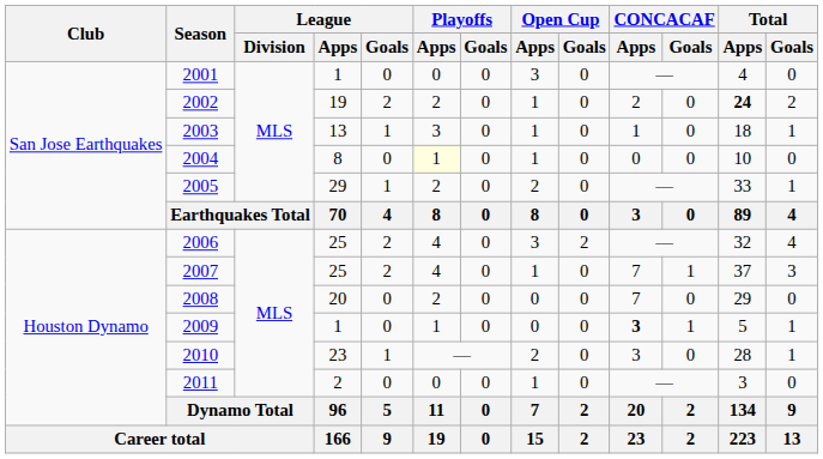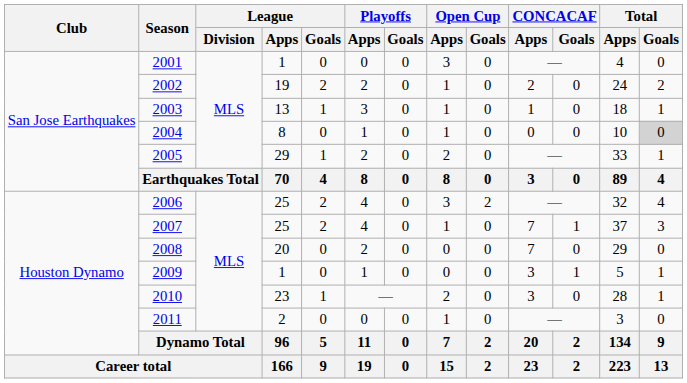 <table class="wikitable" style="text-align: center;">
 <tr>
 <th rowspan="2">Club</th>
 <th rowspan="2">Season</th>
 <th colspan="3">League</th>
 <th colspan="2"><a href='#'>Playoffs</a></th>
 <th colspan="2"><a href='#'>Open Cup</a></th>
 <th colspan="2"><a href='#'>CONCACAF</a></th>
 <th colspan="2">Total</th>
 </tr>
 <tr>
 <th>Division</th>
 <th>Apps</th>
 <th>Goals</th>
 <th>Apps</th>
 <th>Goals</th>
 <th>Apps</th>
 <th>Goals</th>
 <th>Apps</th>
 <th>Goals</th>
 <th>Apps</th>
 <th>Goals</th>
 </tr>
 <tr>
 <td rowspan="6"><a href='#'>San Jose Earthquakes</a></td>
 <td><a href='#'>2001</a></td>
 <td rowspan="5"><a href='#'>MLS</a></td>
 <td>1</td>
 <td>0</td>
 <td>0</td>
 <td>0</td>
 <td>3</td>
 <td>0</td>
 <td colspan="2">—</td>
 <td>4</td>
 <td>0</td>
 </tr>
 <tr>
 <td><a href='#'>2002</a></td>
 <td>19</td>
 <td>2</td>
 <td>2</td>
 <td>0</td>
 <td>1</td>
 <td>0</td>
 <td>2</td>
 <td>0</td>
-<td><strong>24</strong></td>
+<td>24</td>
 <td>2</td>
 </tr>
 <tr>
 <td><a href='#'>2003</a></td>
 <td>13</td>
 <td>1</td>
 <td>3</td>
 <td>0</td>
 <td>1</td>
 <td>0</td>
 <td>1</td>
 <td>0</td>
 <td>18</td>
 <td>1</td>
 </tr>
 <tr>
 <td><a href='#'>2004</a></td>
 <td>8</td>
 <td>0</td>
-<td style="background: lightyellow;">1</td>
+<td>1</td>
 <td>0</td>
 <td>1</td>
 <td>0</td>
 <td>0</td>
 <td>0</td>
 <td>10</td>
-<td>0</td>
+<td style="background: lightgrey;">0</td>
 </tr>
 <tr>
 <td><a href='#'>2005</a></td>
 <td>29</td>
 <td>1</td>
 <td>2</td>
 <td>0</td>
 <td>2</td>
 <td>0</td>
 <td colspan="2">—</td>
 <td>33</td>
 <td>1</td>
 </tr>
 <tr>
 <th colspan="2">Earthquakes Total</th>
 <th>70</th>
 <th>4</th>
 <th>8</th>
 <th>0</th>
 <th>8</th>
 <th>0</th>
 <th>3</th>
 <th>0</th>
 <th>89</th>
 <th>4</th>
 </tr>
 <tr>
 <td rowspan="7"><a href='#'>Houston Dynamo</a></td>
 <td><a href='#'>2006</a></td>
 <td rowspan="6"><a href='#'>MLS</a></td>
 <td>25</td>
 <td>2</td>
 <td>4</td>
 <td>0</td>
 <td>3</td>
 <td>2</td>
 <td colspan="2">—</td>
 <td>32</td>
 <td>4</td>
 </tr>
 <tr>
 <td><a href='#'>2007</a></td>
 <td>25</td>
 <td>2</td>
 <td>4</td>
 <td>0</td>
 <td>1</td>
 <td>0</td>
 <td>7</td>
 <td>1</td>
 <td>37</td>
 <td>3</td>
 </tr>
 <tr>
 <td><a href='#'>2008</a></td>
 <td>20</td>
 <td>0</td>
 <td>2</td>
 <td>0</td>
 <td>0</td>
 <td>0</td>
 <td>7</td>
 <td>0</td>
 <td>29</td>
 <td>0</td>
 </tr>
 <tr>
 <td><a href='#'>2009</a></td>
 <td>1</td>
 <td>0</td>
 <td>1</td>
 <td>0</td>
 <td>0</td>
 <td>0</td>
-<td><strong>3</strong></td>
+<td>3</td>
 <td>1</td>
 <td>5</td>
 <td>1</td>
 </tr>
 <tr>
 <td><a href='#'>2010</a></td>
 <td>23</td>
 <td>1</td>
 <td colspan="2">—</td>
 <td>2</td>
 <td>0</td>
 <td>3</td>
 <td>0</td>
 <td>28</td>
 <td>1</td>
 </tr>
 <tr>
 <td><a href='#'>2011</a></td>
 <td>2</td>
 <td>0</td>
 <td>0</td>
 <td>0</td>
 <td>1</td>
 <td>0</td>
 <td colspan="2">—</td>
 <td>3</td>
 <td>0</td>
 </tr>
 <tr>
 <th colspan="2">Dynamo Total</th>
 <th>96</th>
 <th>5</th>
 <th>11</th>
 <th>0</th>
 <th>7</th>
 <th>2</th>
 <th>20</th>
 <th>2</th>
 <th>134</th>
 <th>9</th>
 </tr>
 <tr>
 <th colspan="3">Career total</th>
 <th>166</th>
 <th>9</th>
 <th>19</th>
 <th>0</th>
 <th>15</th>
 <th>2</th>
 <th>23</th>
 <th>2</th>
 <th>223</th>
 <th>13</th>
 </tr>
 </table>
